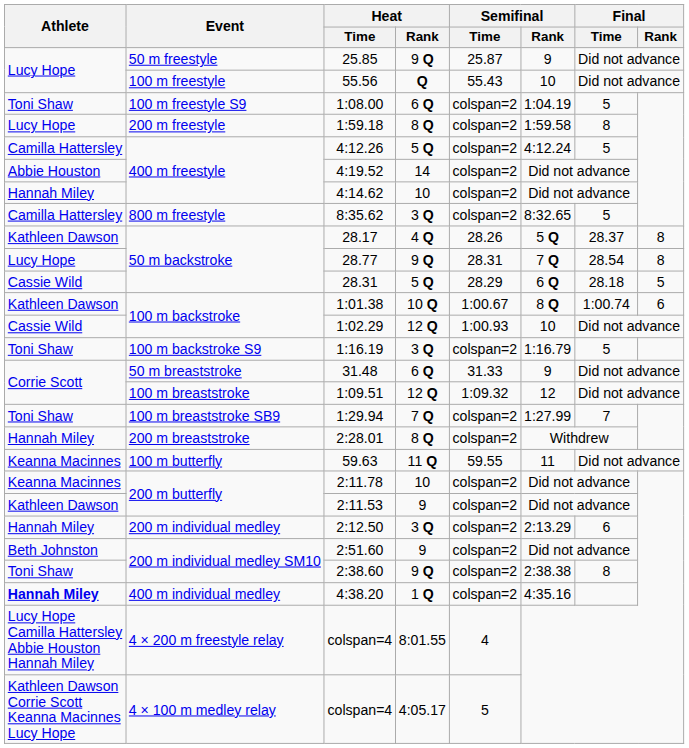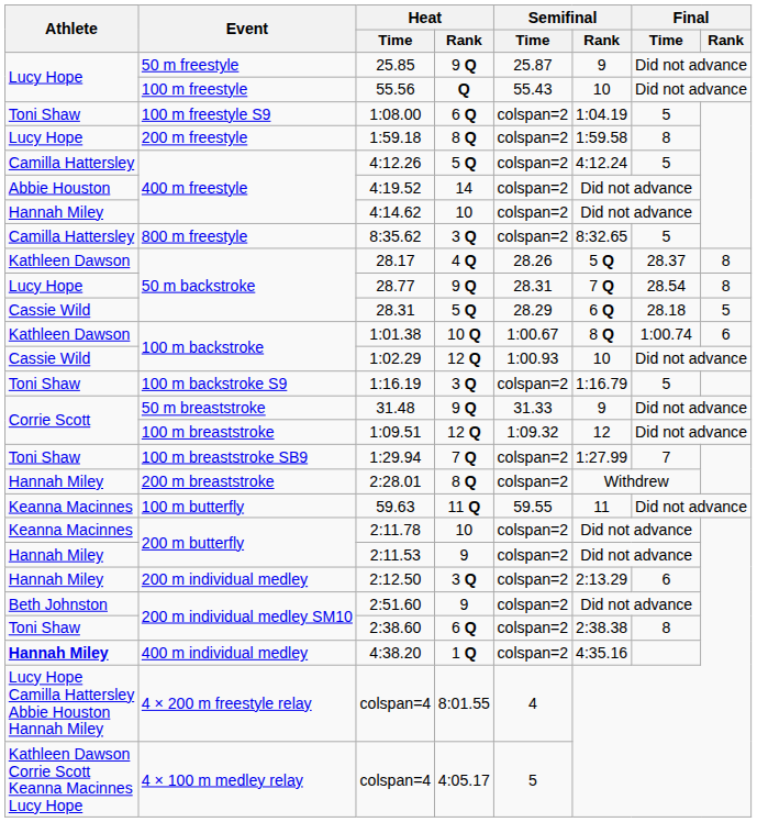 <table class=wikitable style=font-size:90%>
 <tr>
 <th rowspan=2>Athlete</th>
 <th rowspan=2>Event</th>
 <th colspan=2>Heat</th>
 <th colspan=2>Semifinal</th>
 <th colspan=2>Final</th>
 </tr>
 <tr style=font-size:95%>
 <th>Time</th>
 <th>Rank</th>
 <th>Time</th>
 <th>Rank</th>
 <th>Time</th>
 <th>Rank</th>
 </tr>
 <tr align=center>
 <td style="text-align:left;" rowspan="2"><a href='#'>Lucy Hope</a></td>
 <td align=left><a href='#'>50 m freestyle</a></td>
 <td>25.85</td>
 <td>9 <strong>Q</strong></td>
 <td>25.87</td>
 <td>9</td>
 <td colspan=2>Did not advance</td>
 </tr>
 <tr align=center>
 <td align=left><a href='#'>100 m freestyle</a></td>
 <td>55.56</td>
 <td><strong>Q</strong></td>
 <td>55.43</td>
 <td>10</td>
 <td colspan=2>Did not advance</td>
 </tr>
 <tr align=center>
 <td align=left><a href='#'>Toni Shaw</a></td>
 <td align=left><a href='#'>100 m freestyle S9</a></td>
 <td>1:08.00</td>
 <td>6 <strong>Q</strong></td>
 <td>colspan=2 </td>
 <td>1:04.19</td>
 <td>5</td>
 </tr>
 <tr align=center>
 <td align=left><a href='#'>Lucy Hope</a></td>
 <td align=left><a href='#'>200 m freestyle</a></td>
 <td>1:59.18</td>
 <td>8 <strong>Q</strong></td>
 <td>colspan=2 </td>
 <td>1:59.58</td>
 <td>8</td>
 </tr>
 <tr align=center>
 <td align=left><a href='#'>Camilla Hattersley</a></td>
 <td style="text-align:left;" rowspan="3"><a href='#'>400 m freestyle</a></td>
 <td>4:12.26</td>
 <td>5 <strong>Q</strong></td>
 <td>colspan=2 </td>
 <td>4:12.24</td>
 <td>5</td>
 </tr>
 <tr align=center>
 <td align=left><a href='#'>Abbie Houston</a></td>
 <td>4:19.52</td>
 <td>14</td>
 <td>colspan=2 </td>
 <td colspan=2>Did not advance</td>
 </tr>
 <tr align=center>
 <td align=left><a href='#'>Hannah Miley</a></td>
 <td>4:14.62</td>
 <td>10</td>
 <td>colspan=2 </td>
 <td colspan=2>Did not advance</td>
 </tr>
 <tr align=center>
 <td align=left><a href='#'>Camilla Hattersley</a></td>
 <td align=left><a href='#'>800 m freestyle</a></td>
 <td>8:35.62</td>
 <td>3 <strong>Q</strong></td>
 <td>colspan=2 </td>
 <td>8:32.65</td>
 <td>5</td>
 </tr>
 <tr align=center>
 <td align=left><a href='#'>Kathleen Dawson</a></td>
 <td style="text-align:left;" rowspan="3"><a href='#'>50 m backstroke</a></td>
 <td>28.17</td>
 <td>4 <strong>Q</strong></td>
 <td>28.26</td>
 <td>5 <strong>Q</strong></td>
 <td>28.37</td>
 <td>8</td>
 </tr>
 <tr align=center>
 <td align=left><a href='#'>Lucy Hope</a></td>
 <td>28.77</td>
 <td>9 <strong>Q</strong></td>
 <td>28.31</td>
 <td>7 <strong>Q</strong></td>
 <td>28.54</td>
 <td>8</td>
 </tr>
 <tr align=center>
 <td align=left><a href='#'>Cassie Wild</a></td>
 <td>28.31</td>
 <td>5 <strong>Q</strong></td>
 <td>28.29</td>
 <td>6 <strong>Q</strong></td>
 <td>28.18</td>
 <td>5</td>
 </tr>
 <tr align=center>
 <td align=left><a href='#'>Kathleen Dawson</a></td>
 <td style="text-align:left;" rowspan="2"><a href='#'>100 m backstroke</a></td>
 <td>1:01.38</td>
 <td>10 <strong>Q</strong></td>
 <td>1:00.67</td>
 <td>8 <strong>Q</strong></td>
 <td>1:00.74</td>
 <td>6</td>
 </tr>
 <tr align=center>
 <td align=left><a href='#'>Cassie Wild</a></td>
 <td>1:02.29</td>
 <td>12 <strong>Q</strong></td>
 <td>1:00.93</td>
 <td>10</td>
 <td colspan=2>Did not advance</td>
 </tr>
 <tr align=center>
 <td align=left><a href='#'>Toni Shaw</a></td>
 <td align=left><a href='#'>100 m backstroke S9</a></td>
 <td>1:16.19</td>
 <td>3 <strong>Q</strong></td>
 <td>colspan=2 </td>
 <td>1:16.79</td>
 <td>5</td>
 </tr>
 <tr align=center>
 <td style="text-align:left;" rowspan="2"><a href='#'>Corrie Scott</a></td>
 <td align=left><a href='#'>50 m breaststroke</a></td>
 <td>31.48</td>
-<td>6 <strong>Q</strong></td>
+<td>9 <strong>Q</strong></td>
 <td>31.33</td>
 <td>9</td>
 <td colspan=2>Did not advance</td>
 </tr>
 <tr align=center>
 <td align=left><a href='#'>100 m breaststroke</a></td>
 <td>1:09.51</td>
 <td>12 <strong>Q</strong></td>
 <td>1:09.32</td>
 <td>12</td>
 <td colspan=2>Did not advance</td>
 </tr>
 <tr align=center>
 <td align=left><a href='#'>Toni Shaw</a></td>
 <td align=left><a href='#'>100 m breaststroke SB9</a></td>
 <td>1:29.94</td>
 <td>7 <strong>Q</strong></td>
 <td>colspan=2 </td>
 <td>1:27.99</td>
 <td>7</td>
 </tr>
 <tr align=center>
 <td align=left><a href='#'>Hannah Miley</a></td>
 <td style="text-align:left;"><a href='#'>200 m breaststroke</a></td>
 <td>2:28.01</td>
 <td>8 <strong>Q</strong></td>
 <td>colspan=2 </td>
 <td colspan=2>Withdrew</td>
 </tr>
 <tr align=center>
 <td align=left><a href='#'>Keanna Macinnes</a></td>
 <td align=left><a href='#'>100 m butterfly</a></td>
 <td>59.63</td>
 <td>11 <strong>Q</strong></td>
 <td>59.55</td>
 <td>11</td>
 <td colspan=2>Did not advance</td>
 </tr>
 <tr align=center>
 <td align=left><a href='#'>Keanna Macinnes</a></td>
 <td style="text-align:left;" rowspan="2"><a href='#'>200 m butterfly</a></td>
 <td>2:11.78</td>
 <td>10</td>
 <td>colspan=2 </td>
 <td colspan=2>Did not advance</td>
 </tr>
 <tr align=center>
-<td align=left><a href='#'>Kathleen Dawson</a></td>
+<td align=left><a href='#'>Hannah Miley</a></td>
 <td>2:11.53</td>
 <td>9</td>
 <td>colspan=2 </td>
 <td colspan=2>Did not advance</td>
 </tr>
 <tr align=center>
 <td align=left><a href='#'>Hannah Miley</a></td>
 <td align=left><a href='#'>200 m individual medley</a></td>
 <td>2:12.50</td>
 <td>3 <strong>Q</strong></td>
 <td>colspan=2 </td>
 <td>2:13.29</td>
 <td>6</td>
 </tr>
 <tr align=center>
 <td align=left><a href='#'>Beth Johnston</a></td>
 <td style="text-align:left;" rowspan="2"><a href='#'>200 m individual medley SM10</a></td>
 <td>2:51.60</td>
 <td>9</td>
 <td>colspan=2 </td>
 <td colspan=2>Did not advance</td>
 </tr>
 <tr align=center>
 <td align=left><a href='#'>Toni Shaw</a></td>
 <td>2:38.60</td>
-<td>9 <strong>Q</strong></td>
+<td>6 <strong>Q</strong></td>
 <td>colspan=2 </td>
 <td>2:38.38</td>
 <td>8</td>
 </tr>
 <tr align=center>
 <td align=left><strong><a href='#'>Hannah Miley</a></strong></td>
 <td align=left><a href='#'>400 m individual medley</a></td>
 <td>4:38.20</td>
 <td>1 <strong>Q</strong></td>
 <td>colspan=2 </td>
 <td>4:35.16</td>
 <td></td>
 </tr>
 <tr align=center>
 <td align=left><a href='#'>Lucy Hope</a><br><a href='#'>Camilla Hattersley</a><br><a href='#'>Abbie Houston</a><br><a href='#'>Hannah Miley</a></td>
 <td align=left><a href='#'>4 × 200 m freestyle relay</a></td>
 <td>colspan=4 </td>
 <td>8:01.55</td>
 <td>4</td>
 </tr>
 <tr align=center>
 <td align=left><a href='#'>Kathleen Dawson</a><br><a href='#'>Corrie Scott</a><br><a href='#'>Keanna Macinnes</a><br><a href='#'>Lucy Hope</a></td>
 <td align=left><a href='#'>4 × 100 m medley relay</a></td>
 <td>colspan=4 </td>
 <td>4:05.17</td>
 <td>5</td>
 </tr>
 </table>
